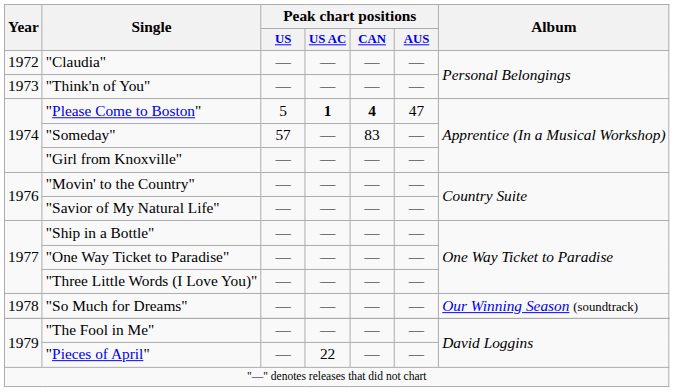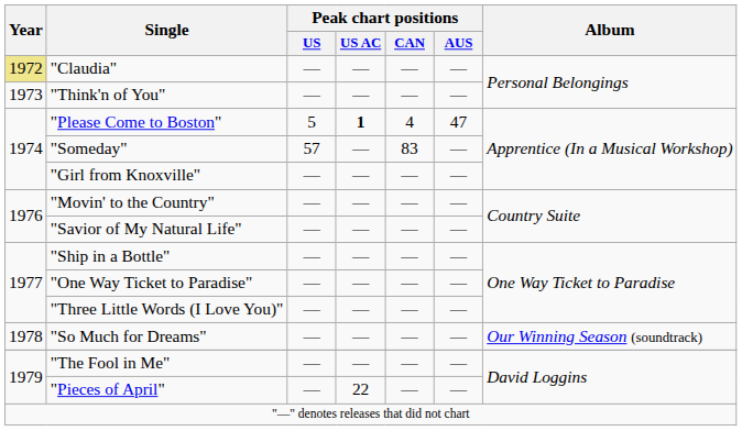 <table class="wikitable" style="text-align:center;">
 <tr>
 <th rowspan="2">Year</th>
 <th rowspan="2">Single</th>
 <th colspan="4">Peak chart positions</th>
 <th rowspan="2">Album</th>
 </tr>
 <tr style="font-size:smaller;">
 <th width="40"><a href='#'>US</a></th>
 <th width="40"><a href='#'>US AC</a><br></th>
 <th width="40"><a href='#'>CAN</a><br></th>
 <th width="40"><a href='#'>AUS</a></th>
 </tr>
 <tr>
-<td>1972</td>
+<td style="background: khaki;">1972</td>
 <td align="left">"Claudia"</td>
 <td>—</td>
 <td>—</td>
 <td>—</td>
 <td>—</td>
 <td align="left" rowspan="2"><em>Personal Belongings</em></td>
 </tr>
 <tr>
 <td>1973</td>
 <td align="left">"Think'n of You"</td>
 <td>—</td>
 <td>—</td>
 <td>—</td>
 <td>—</td>
 </tr>
 <tr>
 <td rowspan="3">1974</td>
 <td align="left">"<a href='#'>Please Come to Boston</a>"</td>
 <td>5</td>
 <td><strong>1</strong></td>
-<td><strong>4</strong></td>
+<td>4</td>
 <td>47</td>
 <td align="left" rowspan="3"><em>Apprentice (In a Musical Workshop)</em></td>
 </tr>
 <tr>
 <td align="left">"Someday"</td>
 <td>57</td>
 <td>—</td>
 <td>83</td>
 <td>—</td>
 </tr>
 <tr>
 <td align="left">"Girl from Knoxville"</td>
 <td>—</td>
 <td>—</td>
 <td>—</td>
 <td>—</td>
 </tr>
 <tr>
 <td rowspan="2">1976</td>
 <td align="left">"Movin' to the Country"</td>
 <td>—</td>
 <td>—</td>
 <td>—</td>
 <td>—</td>
 <td align="left" rowspan="2"><em>Country Suite</em></td>
 </tr>
 <tr>
 <td align="left">"Savior of My Natural Life"</td>
 <td>—</td>
 <td>—</td>
 <td>—</td>
 <td>—</td>
 </tr>
 <tr>
 <td rowspan="3">1977</td>
 <td align="left">"Ship in a Bottle"</td>
 <td>—</td>
 <td>—</td>
 <td>—</td>
 <td>—</td>
 <td align="left" rowspan="3"><em>One Way Ticket to Paradise</em></td>
 </tr>
 <tr>
 <td align="left">"One Way Ticket to Paradise"</td>
 <td>—</td>
 <td>—</td>
 <td>—</td>
 <td>—</td>
 </tr>
 <tr>
 <td align="left">"Three Little Words (I Love You)"</td>
 <td>—</td>
 <td>—</td>
 <td>—</td>
 <td>—</td>
 </tr>
 <tr>
 <td>1978</td>
 <td align="left">"So Much for Dreams"</td>
 <td>—</td>
 <td>—</td>
 <td>—</td>
 <td>—</td>
 <td align="left"><em><a href='#'>Our Winning Season</a></em> <small>(soundtrack)</small></td>
 </tr>
 <tr>
 </tr>
 <tr>
 <td rowspan="2">1979</td>
 <td align="left">"The Fool in Me"</td>
 <td>—</td>
 <td>—</td>
 <td>—</td>
 <td>—</td>
 <td align="left" rowspan="2"><em>David Loggins</em></td>
 </tr>
 <tr>
 <td align="left">"<a href='#'>Pieces of April</a>"</td>
 <td>—</td>
 <td>22</td>
 <td>—</td>
 <td>—</td>
 </tr>
 <tr>
 <td colspan="10" style="font-size:9pt">"—" denotes releases that did not chart</td>
 </tr>
 </table>
